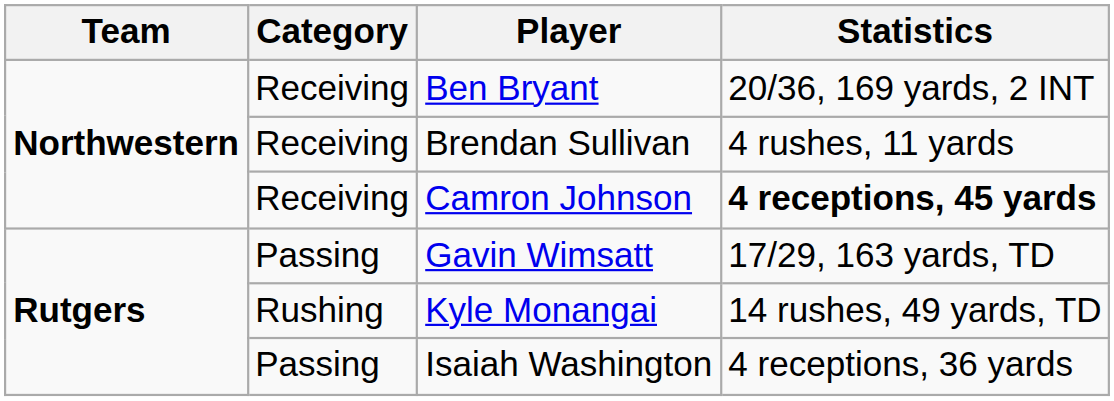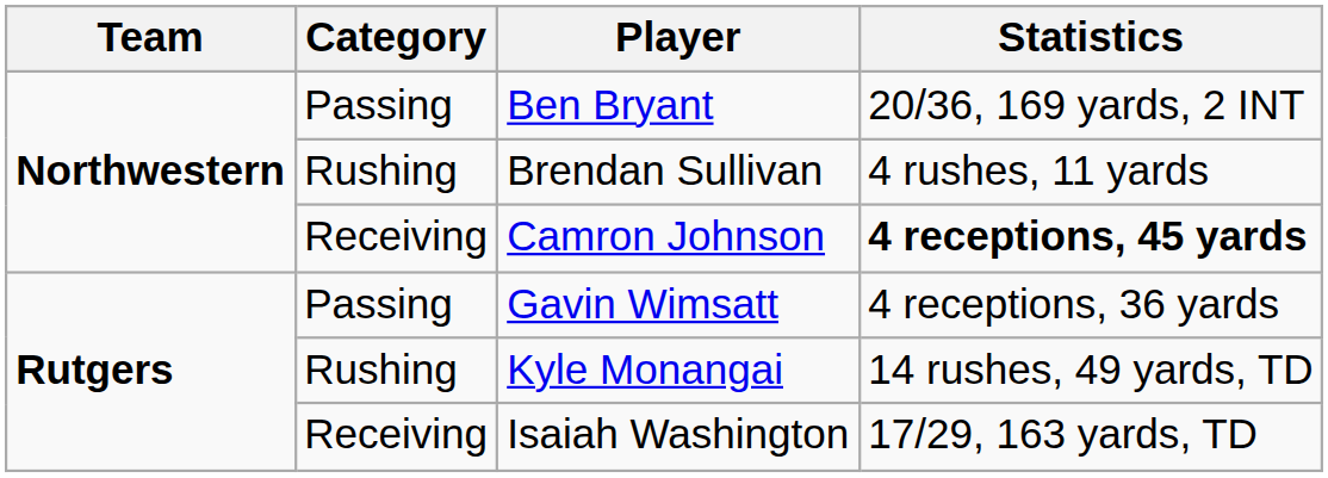 <table class="wikitable" style="float: left;">
 <tr>
 <th>Team</th>
 <th>Category</th>
 <th>Player</th>
 <th>Statistics</th>
 </tr>
 <tr>
 <td rowspan=3><strong>Northwestern</strong></td>
-<td>Receiving</td>
+<td>Passing</td>
 <td><a href='#'>Ben Bryant</a></td>
 <td>20/36, 169 yards, 2 INT</td>
 </tr>
 <tr>
-<td>Receiving</td>
+<td>Rushing</td>
 <td>Brendan Sullivan</td>
 <td>4 rushes, 11 yards</td>
 </tr>
 <tr>
 <td>Receiving</td>
 <td><a href='#'>Camron Johnson</a></td>
 <td><strong>4 receptions, 45 yards</strong></td>
 </tr>
 <tr>
 <td rowspan=3><strong>Rutgers</strong></td>
 <td>Passing</td>
 <td><a href='#'>Gavin Wimsatt</a></td>
-<td>17/29, 163 yards, TD</td>
+<td>4 receptions, 36 yards</td>
 </tr>
 <tr>
 <td>Rushing</td>
 <td><a href='#'>Kyle Monangai</a></td>
 <td>14 rushes, 49 yards, TD</td>
 </tr>
 <tr>
-<td>Passing</td>
+<td>Receiving</td>
 <td>Isaiah Washington</td>
-<td>4 receptions, 36 yards</td>
+<td>17/29, 163 yards, TD</td>
 </tr>
 </table>
